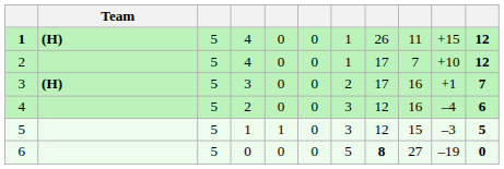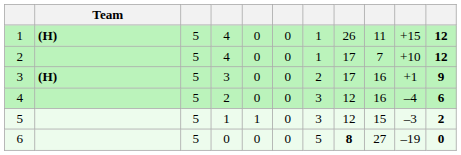 <table class="wikitable" style="text-align: center; font-size: 100%;">
 <tr>
 <th width="30"></th>
 <th width="170">Team</th>
 <th width="30"></th>
 <th width="30"></th>
 <th width="30"></th>
 <th width="30"></th>
 <th width="30"></th>
 <th width="30"></th>
 <th width="30"></th>
 <th width="30"></th>
 <th width="30"></th>
 </tr>
 <tr style="background-color: #bbf3bb">
-<td><strong>1</strong></td>
+<td>1</td>
 <td align="left"> <strong>(H)</strong></td>
 <td>5</td>
 <td>4</td>
 <td>0</td>
 <td>0</td>
 <td>1</td>
 <td>26</td>
 <td>11</td>
 <td>+15</td>
 <td><strong>12</strong></td>
 </tr>
 <tr style="background-color: #bbf3bb">
 <td>2</td>
 <td align="left"></td>
 <td>5</td>
 <td>4</td>
 <td>0</td>
 <td>0</td>
 <td>1</td>
 <td>17</td>
 <td>7</td>
 <td>+10</td>
 <td><strong>12</strong></td>
 </tr>
 <tr style="background-color: #bbf3bb">
 <td>3</td>
 <td align="left"> <strong>(H)</strong></td>
 <td>5</td>
 <td>3</td>
 <td>0</td>
 <td>0</td>
 <td>2</td>
 <td>17</td>
 <td>16</td>
 <td>+1</td>
-<td><strong>7</strong></td>
+<td><strong>9</strong></td>
 </tr>
 <tr style="background-color: #bbf3bb">
 <td>4</td>
 <td align="left"></td>
 <td>5</td>
 <td>2</td>
 <td>0</td>
 <td>0</td>
 <td>3</td>
 <td>12</td>
 <td>16</td>
 <td>–4</td>
 <td><strong>6</strong></td>
 </tr>
 <tr style="background-color: #edfced">
 <td>5</td>
 <td align="left"></td>
 <td>5</td>
 <td>1</td>
 <td>1</td>
 <td>0</td>
 <td>3</td>
 <td>12</td>
 <td>15</td>
 <td>–3</td>
-<td><strong>5</strong></td>
+<td><strong>2</strong></td>
 </tr>
 <tr style="background-color: #edfced">
 <td>6</td>
 <td align="left"></td>
 <td>5</td>
 <td>0</td>
 <td>0</td>
 <td>0</td>
 <td>5</td>
 <td><strong>8</strong></td>
 <td>27</td>
 <td>–19</td>
 <td><strong>0</strong></td>
 </tr>
 </table>
